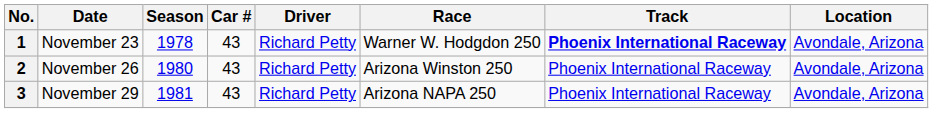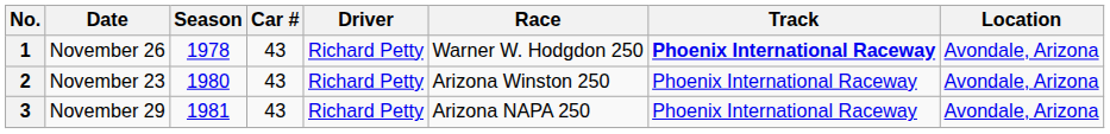 <table class="wikitable sortable">
 <tr>
 <th scope="col">No.</th>
 <th scope="col">Date</th>
 <th scope="col">Season</th>
 <th scope="col">Car #</th>
 <th scope="col">Driver</th>
 <th scope="col">Race</th>
 <th scope="col">Track</th>
 <th scope="col">Location</th>
 </tr>
 <tr>
 <th scope="row">1</th>
-<td>November 23</td>
+<td>November 26</td>
 <td style="text-align:center;"><a href='#'>1978</a></td>
 <td style="text-align:center;">43</td>
 <td><a href='#'>Richard Petty</a></td>
 <td>Warner W. Hodgdon 250</td>
 <td><strong><a href='#'>Phoenix International Raceway</a></strong></td>
 <td><a href='#'>Avondale, Arizona</a></td>
 </tr>
 <tr>
 <th scope="row">2</th>
-<td>November 26</td>
+<td>November 23</td>
 <td style="text-align:center;"><a href='#'>1980</a></td>
 <td style="text-align:center;">43</td>
 <td><a href='#'>Richard Petty</a></td>
 <td>Arizona Winston 250</td>
 <td><a href='#'>Phoenix International Raceway</a></td>
 <td><a href='#'>Avondale, Arizona</a></td>
 </tr>
 <tr>
 <th scope="row">3</th>
 <td>November 29</td>
 <td style="text-align:center;"><a href='#'>1981</a></td>
 <td style="text-align:center;">43</td>
 <td><a href='#'>Richard Petty</a></td>
 <td>Arizona NAPA 250</td>
 <td><a href='#'>Phoenix International Raceway</a></td>
 <td><a href='#'>Avondale, Arizona</a></td>
 </tr>
 <tr>
 </tr>
 </table>
